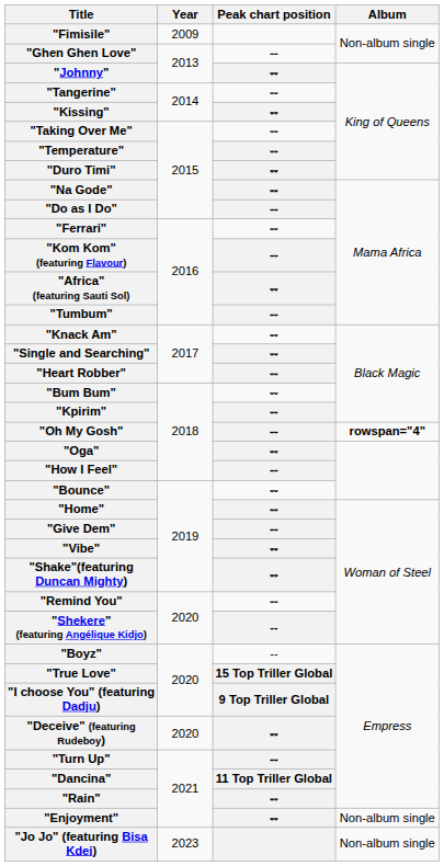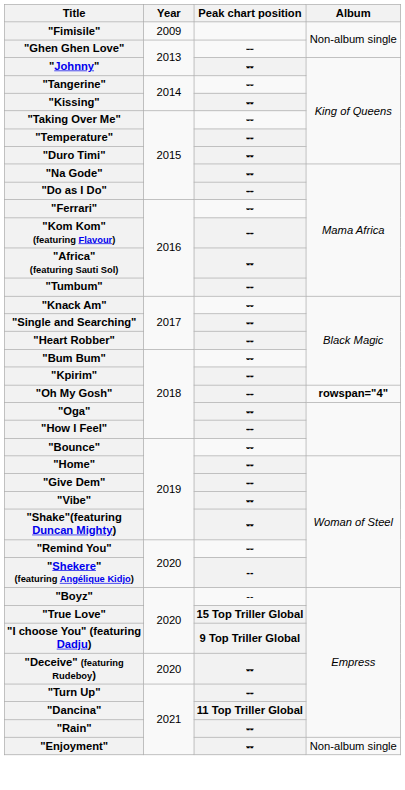 <table class="wikitable mw-collapsible plainrowheaders" style="text-align:center;">
 <tr>
 <th scope="col" style="width:12em;">Title</th>
 <th scope="col" style="width:4em;">Year</th>
 <th>Peak chart position</th>
 <th scope="col" style="width:8em;">Album</th>
 </tr>
 <tr>
 <th scope="row">"Fimisile"</th>
 <td>2009</td>
 <td --></td>
 <td rowspan="2">Non-album single</td>
 </tr>
 <tr>
 <th scope="row">"Ghen Ghen Love"</th>
 <td rowspan="2">2013</td>
 <td><s>--</s></td>
 </tr>
 <tr>
 <th scope="row">"<a href='#'>Johnny</a>"</th>
 <th><s>--</s></th>
 <td rowspan="6"><em>King of Queens</em></td>
 </tr>
 <tr>
 <th scope="row">"Tangerine"</th>
 <td rowspan="2">2014</td>
 <td><s>--</s></td>
 </tr>
 <tr>
 <th scope="row">"Kissing"</th>
 <th><s>--</s></th>
 </tr>
 <tr>
 <th scope="row">"Taking Over Me"</th>
 <td rowspan="5">2015</td>
 <td><s>--</s></td>
 </tr>
 <tr>
 <th scope="row">"Temperature"</th>
 <th><s>--</s></th>
 </tr>
 <tr>
 <th scope="row">"Duro Timi"</th>
 <th><s>--</s></th>
 </tr>
 <tr>
 <th scope="row">"Na Gode"</th>
 <th><s>--</s></th>
 <td rowspan="6"><em>Mama Africa</em></td>
 </tr>
 <tr>
 <th scope="row">"Do as I Do"</th>
 <th><s>--</s></th>
 </tr>
 <tr>
 <th scope="row">"Ferrari"</th>
 <td rowspan="4">2016</td>
 <td><s>--</s></td>
 </tr>
 <tr>
 <th scope="row">"Kom Kom"<br><small>(featuring <a href='#'>Flavour</a>)</small></th>
 <th><s>--</s></th>
 </tr>
 <tr>
 <th scope="row">"Africa"<br><small>(featuring Sauti Sol)</small></th>
 <th><s>--</s></th>
 </tr>
 <tr>
 <th scope="row">"Tumbum"</th>
 <th><s>--</s></th>
 </tr>
 <tr>
 <th scope="row">"Knack Am"</th>
 <td rowspan="3">2017</td>
 <td><s>--</s></td>
 <td rowspan="5"><em>Black Magic</em></td>
 </tr>
 <tr>
 <th scope="row">"Single and Searching"</th>
 <th><s>--</s></th>
 </tr>
 <tr>
 <th scope="row">"Heart Robber"</th>
 <th><s>--</s></th>
 </tr>
 <tr>
 <th scope="row">"Bum Bum"</th>
 <td rowspan="5">2018</td>
 <td><s>--</s></td>
 </tr>
 <tr>
 <th scope="row">"Kpirim"</th>
 <th><s>--</s></th>
 </tr>
 <tr>
 <th scope="row">"Oh My Gosh"</th>
 <th><s>--</s></th>
 <td><strong>rowspan="4" </strong></td>
 </tr>
 <tr>
 <th scope="row">"Oga"</th>
 <th><s>--</s></th>
 </tr>
 <tr>
 <th scope="row">"How I Feel"</th>
 <th><s>--</s></th>
 </tr>
 <tr>
 <th scope="row">"Bounce"</th>
 <td rowspan="5">2019</td>
 <td><s>--</s></td>
 </tr>
 <tr>
 <th scope="row">"Home"</th>
 <th><s>--</s></th>
 <td rowspan="6"><em>Woman of Steel</em></td>
 </tr>
 <tr>
 <th scope="row">"Give Dem" <br><small></small></th>
 <th><s>--</s></th>
 </tr>
 <tr>
 <th scope="row">"Vibe"</th>
 <th><s>--</s></th>
 </tr>
 <tr>
 <th scope="row">"Shake"(featuring <a href='#'>Duncan Mighty</a>)</th>
 <th><s>--</s></th>
 </tr>
 <tr>
 <th scope="row">"Remind You"</th>
 <td rowspan="2">2020</td>
 <td><s>--</s></td>
 </tr>
 <tr>
 <th scope="row">"<a href='#'>Shekere</a>" <br><small>(featuring <a href='#'>Angélique Kidjo</a>)</small></th>
 <th>--</th>
 </tr>
 <tr>
 <th>"Boyz"</th>
 <td rowspan="3">2020</td>
 <td>--</td>
 <td rowspan="7"><em>Empress</em></td>
 </tr>
 <tr>
 <th>"True Love"</th>
 <th>15 Top Triller Global</th>
 </tr>
 <tr>
 <th>"I choose You" (featuring <a href='#'>Dadju</a>)</th>
 <th>9 Top Triller Global</th>
 </tr>
 <tr>
 <th>"Deceive" <small>(featuring Rudeboy</small>)</th>
 <td>2020</td>
 <th><s>--</s></th>
 </tr>
 <tr>
 <th>"Turn Up"</th>
 <td rowspan="4">2021</td>
 <th><s>--</s></th>
 </tr>
 <tr>
 <th>"Dancina"</th>
 <th>11 Top Triller Global</th>
 </tr>
 <tr>
 <th>"Rain"</th>
 <th><s>--</s></th>
 </tr>
 <tr>
 <th>"Enjoyment"</th>
 <th><s>--</s></th>
 <td>Non-album single</td>
 </tr>
-<tr>
-<th>"Jo Jo" (featuring <a href='#'>Bisa Kdei</a>)</th>
-<td>2023</td>
-<th></th>
-<td>Non-album single</td>
-</tr>
 </table>
